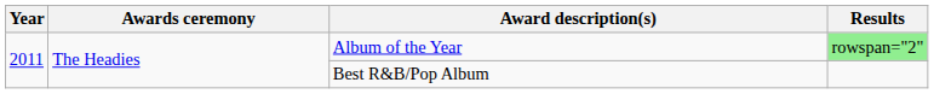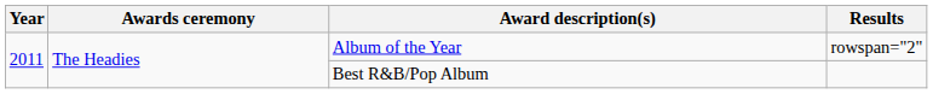 <table class="wikitable">
 <tr>
 <th>Year</th>
 <th width="250">Awards ceremony</th>
 <th width="450">Award description(s)</th>
 <th width="75">Results</th>
 </tr>
 <tr>
 <td rowspan="2"><a href='#'>2011</a></td>
 <td rowspan="2"><a href='#'>The Headies</a></td>
 <td><a href='#'>Album of the Year</a></td>
-<td style="background: lightgreen;">rowspan="2" </td>
+<td>rowspan="2" </td>
 </tr>
 <tr>
 <td>Best R&B/Pop Album</td>
 </tr>
 </table>
